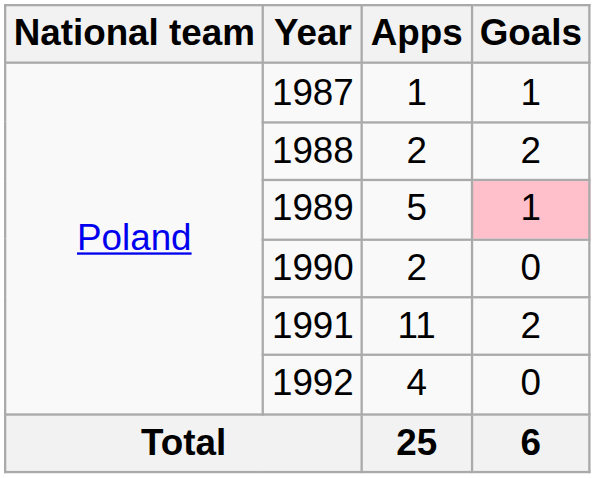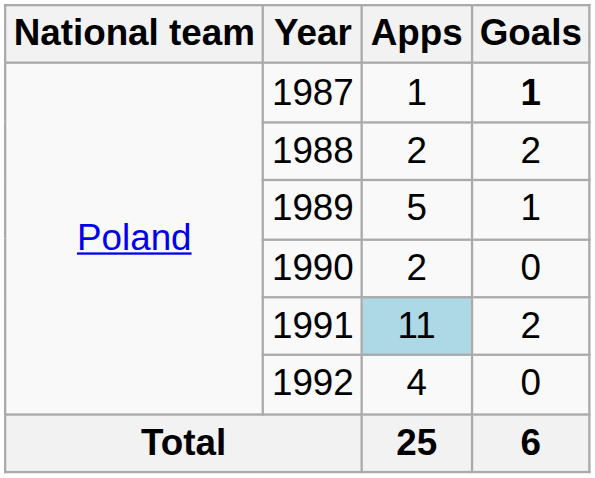 <table class="wikitable" style="text-align:center">
 <tr>
 <th>National team</th>
 <th>Year</th>
 <th>Apps</th>
 <th>Goals</th>
 </tr>
 <tr>
 <td rowspan="6"><a href='#'>Poland</a></td>
 <td>1987</td>
 <td>1</td>
-<td>1</td>
+<td><strong>1</strong></td>
 </tr>
 <tr>
 <td>1988</td>
 <td>2</td>
 <td>2</td>
 </tr>
 <tr>
 <td>1989</td>
 <td>5</td>
-<td style="background: pink;">1</td>
+<td>1</td>
 </tr>
 <tr>
 <td>1990</td>
 <td>2</td>
 <td>0</td>
 </tr>
 <tr>
 <td>1991</td>
-<td>11</td>
+<td style="background: lightblue;">11</td>
 <td>2</td>
 </tr>
 <tr>
 <td>1992</td>
 <td>4</td>
 <td>0</td>
 </tr>
 <tr>
 <th colspan="2">Total</th>
 <th>25</th>
 <th>6</th>
 </tr>
 </table>
